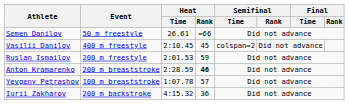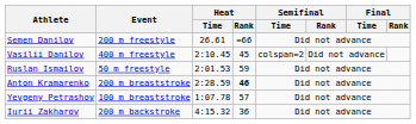 <table class=wikitable style="font-size:90%">
 <tr>
 <th rowspan="2">Athlete</th>
 <th rowspan="2">Event</th>
 <th colspan="2">Heat</th>
 <th colspan="2">Semifinal</th>
 <th colspan="2">Final</th>
 </tr>
 <tr style="font-size:95%">
 <th>Time</th>
 <th>Rank</th>
 <th>Time</th>
 <th>Rank</th>
 <th>Time</th>
 <th>Rank</th>
 </tr>
 <tr align=center>
 <td align=left><a href='#'>Semen Danilov</a></td>
-<td align=left><a href='#'>50 m freestyle</a></td>
+<td align=left><a href='#'>200 m freestyle</a></td>
 <td>26.61</td>
 <td>=66</td>
 <td colspan=4>Did not advance</td>
 </tr>
 <tr align=center>
 <td align=left><a href='#'>Vasilii Danilov</a></td>
 <td align=left><a href='#'>400 m freestyle</a></td>
 <td>2:10.45</td>
 <td>45</td>
 <td>colspan=2 </td>
 <td colspan=2>Did not advance</td>
 </tr>
 <tr align=center>
 <td align=left><a href='#'>Ruslan Ismailov</a></td>
-<td align=left><a href='#'>200 m freestyle</a></td>
+<td align=left><a href='#'>50 m freestyle</a></td>
 <td>2:01.53</td>
 <td>59</td>
 <td colspan=4>Did not advance</td>
 </tr>
 <tr align=center>
 <td align=left><a href='#'>Anton Kramarenko</a></td>
 <td align=left><a href='#'>200 m breaststroke</a></td>
 <td>2:28.59</td>
 <td><strong>46</strong></td>
 <td colspan=4>Did not advance</td>
 </tr>
 <tr align=center>
 <td align=left><a href='#'>Yevgeny Petrashov</a></td>
 <td align=left><a href='#'>100 m breaststroke</a></td>
 <td>1:07.78</td>
 <td>57</td>
 <td colspan=4>Did not advance</td>
 </tr>
 <tr align=center>
 <td align=left><a href='#'>Iurii Zakharov</a></td>
 <td align=left><a href='#'>200 m backstroke</a></td>
 <td>4:15.32</td>
 <td>36</td>
 <td colspan=4>Did not advance</td>
 </tr>
 </table>
